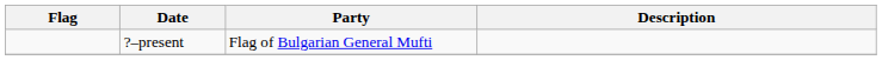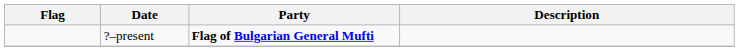 <table class="wikitable" style="background:#f9f9f9">
 <tr>
 <th width="110">Flag</th>
 <th width="100">Date</th>
 <th width="250">Party</th>
 <th width="400">Description</th>
 </tr>
 <tr>
 <td></td>
 <td>?–present</td>
-<td>Flag of <a href='#'>Bulgarian General Mufti</a></td>
+<td><strong>Flag of <a href='#'>Bulgarian General Mufti</a></strong></td>
 <td></td>
 </tr>
 <tr>
 </tr>
 </table>
